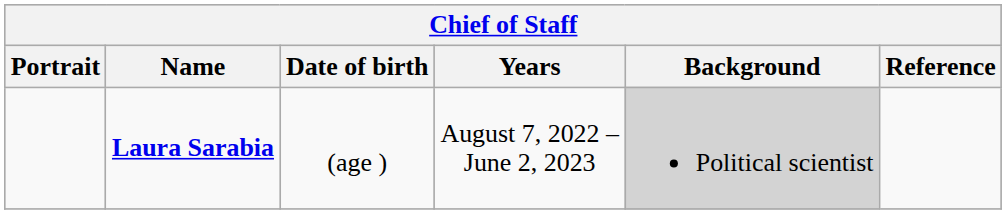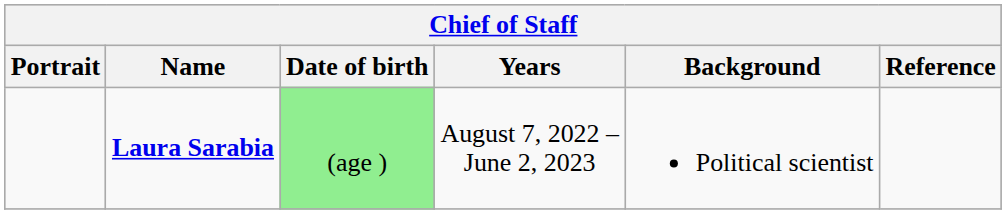 <table class="wikitable collapsible" style="text-align:center;">
 <tr>
 <th colspan="6"><a href='#'>Chief of Staff</a></th>
 </tr>
 <tr>
 <th>Portrait</th>
 <th>Name</th>
 <th>Date of birth</th>
 <th>Years</th>
 <th>Background</th>
 <th>Reference</th>
 </tr>
 <tr>
 <td></td>
 <td><strong><a href='#'>Laura Sarabia</a></strong></td>
-<td><br>(age )</td>
+<td style="background: lightgreen;"><br>(age )</td>
 <td nowrap>August 7, 2022 –<br>June 2, 2023</td>
-<td style="background: lightgrey;"><br><ul><li>Political scientist</li></ul></td>
+<td><br><ul><li>Political scientist</li></ul></td>
 <td></td>
 </tr>
 </table>
